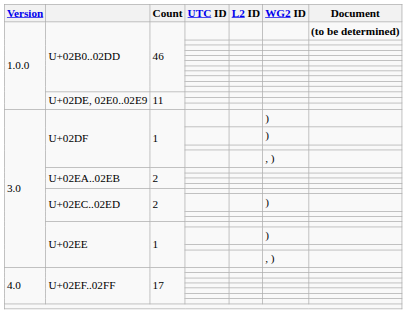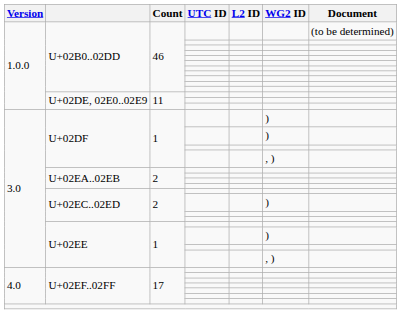 <table class="wikitable collapsible collapsed sticky-header">
 <tr>
 <th><a href='#'>Version</a></th>
 <th></th>
 <th>Count</th>
 <th><a href='#'>UTC</a> ID</th>
 <th><a href='#'>L2</a> ID</th>
 <th><a href='#'>WG2</a> ID</th>
 <th>Document</th>
 </tr>
 <tr>
 <td rowspan="14">1.0.0</td>
 <td rowspan="11">U+02B0..02DD</td>
 <td rowspan="11">46</td>
 <td></td>
 <td></td>
 <td></td>
-<td><strong>(to be determined)</strong></td>
+<td>(to be determined)</td>
 </tr>
 <tr>
 <td></td>
 <td></td>
 <td></td>
 <td></td>
 </tr>
 <tr>
 <td></td>
 <td></td>
 <td></td>
 <td></td>
 </tr>
 <tr>
 <td></td>
 <td></td>
 <td></td>
 <td></td>
 </tr>
 <tr>
 <td></td>
 <td></td>
 <td></td>
 <td></td>
 </tr>
 <tr>
 <td></td>
 <td></td>
 <td></td>
 <td></td>
 </tr>
 <tr>
 <td></td>
 <td></td>
 <td></td>
 <td></td>
 </tr>
 <tr>
 <td></td>
 <td></td>
 <td></td>
 <td></td>
 </tr>
 <tr>
 <td></td>
 <td></td>
 <td></td>
 <td></td>
 </tr>
 <tr>
 <td></td>
 <td></td>
 <td></td>
 <td></td>
 </tr>
 <tr>
 <td></td>
 <td></td>
 <td></td>
 <td></td>
 </tr>
 <tr>
 <td rowspan="3">U+02DE, 02E0..02E9</td>
 <td rowspan="3">11</td>
 <td></td>
 <td></td>
 <td></td>
 <td></td>
 </tr>
 <tr>
 <td></td>
 <td></td>
 <td></td>
 <td></td>
 </tr>
 <tr>
 <td></td>
 <td></td>
 <td></td>
 <td></td>
 </tr>
 <tr>
 <td rowspan="16">3.0</td>
 <td rowspan="4">U+02DF</td>
 <td rowspan="4">1</td>
 <td></td>
 <td></td>
 <td> )</td>
 <td></td>
 </tr>
 <tr>
 <td></td>
 <td></td>
 <td> )</td>
 <td></td>
 </tr>
 <tr>
 <td></td>
 <td></td>
 <td></td>
 <td></td>
 </tr>
 <tr>
 <td></td>
 <td></td>
 <td> , )</td>
 <td></td>
 </tr>
 <tr>
 <td rowspan="4">U+02EA..02EB</td>
 <td rowspan="4">2</td>
 <td></td>
 <td></td>
 <td></td>
 <td></td>
 </tr>
 <tr>
 <td></td>
 <td></td>
 <td></td>
 <td></td>
 </tr>
 <tr>
 <td></td>
 <td></td>
 <td></td>
 <td></td>
 </tr>
 <tr>
 <td></td>
 <td></td>
 <td></td>
 <td></td>
 </tr>
 <tr>
 <td rowspan="4">U+02EC..02ED</td>
 <td rowspan="4">2</td>
 <td></td>
 <td></td>
 <td></td>
 <td></td>
 </tr>
 <tr>
 <td></td>
 <td></td>
 <td> )</td>
 <td></td>
 </tr>
 <tr>
 <td></td>
 <td></td>
 <td></td>
 <td></td>
 </tr>
 <tr>
 <td></td>
 <td></td>
 <td></td>
 <td></td>
 </tr>
 <tr>
 <td rowspan="4">U+02EE</td>
 <td rowspan="4">1</td>
 <td></td>
 <td></td>
 <td></td>
 <td></td>
 </tr>
 <tr>
 <td></td>
 <td></td>
 <td> )</td>
 <td></td>
 </tr>
 <tr>
 <td></td>
 <td></td>
 <td></td>
 <td></td>
 </tr>
 <tr>
 <td></td>
 <td></td>
 <td> , )</td>
 <td></td>
 </tr>
 <tr>
 <td rowspan="7">4.0</td>
 <td rowspan="7">U+02EF..02FF</td>
 <td rowspan="7">17</td>
 <td></td>
 <td></td>
 <td></td>
 <td></td>
 </tr>
 <tr>
 <td></td>
 <td></td>
 <td></td>
 <td></td>
 </tr>
 <tr>
 <td></td>
 <td></td>
 <td></td>
 <td></td>
 </tr>
 <tr>
 <td></td>
 <td></td>
 <td></td>
 <td></td>
 </tr>
 <tr>
 <td></td>
 <td></td>
 <td></td>
 <td></td>
 </tr>
 <tr>
 <td></td>
 <td></td>
 <td></td>
 <td></td>
 </tr>
 <tr>
 <td></td>
 <td></td>
 <td></td>
 <td></td>
 </tr>
 <tr class="sortbottom">
 <td colspan="7"></td>
 </tr>
 </table>
